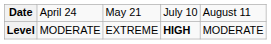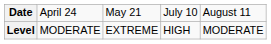 <table class="wikitable">
 <tr>
 <th><strong>Date</strong></th>
 <td>April 24</td>
 <td>May 21</td>
 <td>July 10</td>
 <td>August 11</td>
 </tr>
 <tr>
 <th><strong>Level</strong></th>
 <td>MODERATE</td>
 <td>EXTREME</td>
-<td><strong>HIGH</strong></td>
+<td>HIGH</td>
 <td>MODERATE</td>
 </tr>
 </table>
